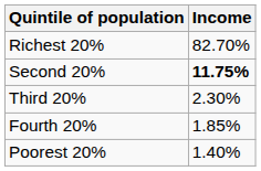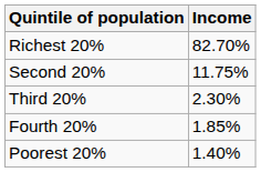 <table class="wikitable">
 <tr>
 <th scope="col">Quintile of population</th>
 <th scope="col">Income</th>
 </tr>
 <tr>
 <td>Richest 20%</td>
 <td>82.70%</td>
 </tr>
 <tr>
 <td>Second 20%</td>
-<td><strong>11.75%</strong></td>
+<td>11.75%</td>
 </tr>
 <tr>
 <td>Third 20%</td>
 <td>2.30%</td>
 </tr>
 <tr>
 <td>Fourth 20%</td>
 <td>1.85%</td>
 </tr>
 <tr>
 <td>Poorest 20%</td>
 <td>1.40%</td>
 </tr>
 </table>
